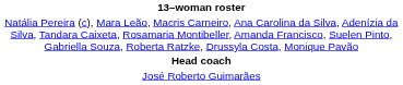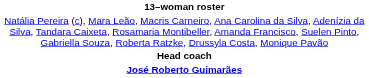 <table style="text-align: center; margin-top: 2em; margin-left: auto; margin-right: auto">
 <tr>
 <td><strong>13–woman roster</strong></td>
 </tr>
 <tr>
 <td><a href='#'>Natália Pereira</a> (<a href='#'>c</a>), <a href='#'>Mara Leão</a>, <a href='#'>Macris Carneiro</a>, <a href='#'>Ana Carolina da Silva</a>, <a href='#'>Adenízia da Silva</a>, <a href='#'>Tandara Caixeta</a>, <a href='#'>Rosamaria Montibeller</a>, <a href='#'>Amanda Francisco</a>, <a href='#'>Suelen Pinto</a>, <a href='#'>Gabriella Souza</a>, <a href='#'>Roberta Ratzke</a>, <a href='#'>Drussyla Costa</a>,  <a href='#'>Monique Pavão</a></td>
 </tr>
 <tr>
 <td><strong>Head coach</strong></td>
 </tr>
 <tr>
-<td><a href='#'>José Roberto Guimarães</a></td>
+<td><strong><a href='#'>José Roberto Guimarães</a></strong></td>
 </tr>
 </table>
